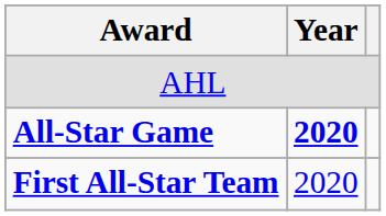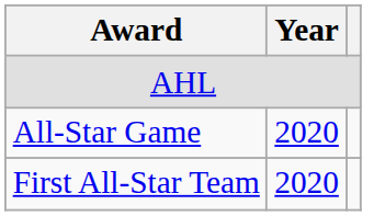 <table class="wikitable">
 <tr>
 <th>Award</th>
 <th>Year</th>
 <th></th>
 </tr>
 <tr ALIGN="center" bgcolor="#e0e0e0">
 <td colspan="3"><a href='#'>AHL</a></td>
 </tr>
 <tr>
-<td><strong><a href='#'>All-Star Game</a></strong></td>
-<td><strong><a href='#'>2020</a></strong></td>
+<td><a href='#'>All-Star Game</a></td>
+<td><a href='#'>2020</a></td>
 <td></td>
 </tr>
 <tr>
-<td><strong><a href='#'>First All-Star Team</a></strong></td>
+<td><a href='#'>First All-Star Team</a></td>
 <td><a href='#'>2020</a></td>
 <td></td>
 </tr>
 </table>
